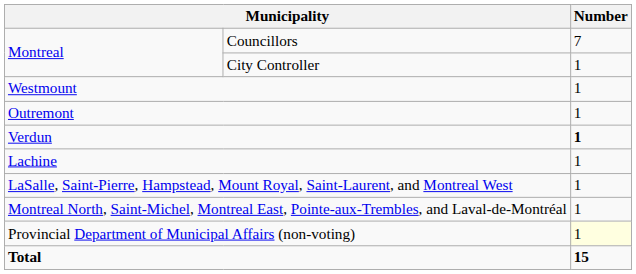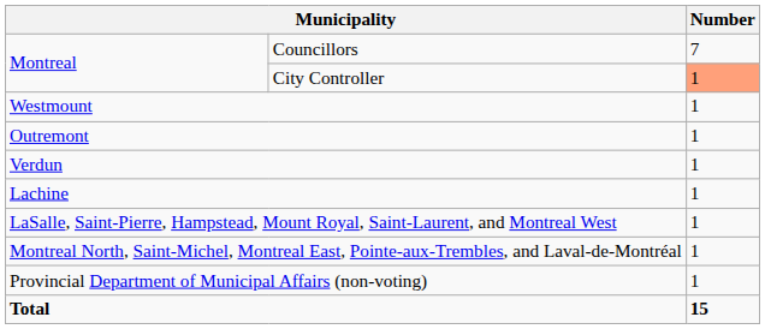 <table class="wikitable">
 <tr>
 <th colspan = "2">Municipality</th>
 <th>Number</th>
 </tr>
 <tr>
 <td rowspan = "2"><a href='#'>Montreal</a></td>
 <td>Councillors</td>
 <td>7</td>
 </tr>
 <tr>
 <td>City Controller</td>
-<td>1</td>
+<td style="background: lightsalmon;">1</td>
 </tr>
 <tr>
 <td colspan = "2"><a href='#'>Westmount</a></td>
 <td>1</td>
 </tr>
 <tr>
 <td colspan = "2"><a href='#'>Outremont</a></td>
 <td>1</td>
 </tr>
 <tr>
 <td colspan = "2"><a href='#'>Verdun</a></td>
-<td><strong>1</strong></td>
+<td>1</td>
 </tr>
 <tr>
 <td colspan = "2"><a href='#'>Lachine</a></td>
 <td>1</td>
 </tr>
 <tr>
 <td colspan = "2"><a href='#'>LaSalle</a>, <a href='#'>Saint-Pierre</a>, <a href='#'>Hampstead</a>, <a href='#'>Mount Royal</a>, <a href='#'>Saint-Laurent</a>, and <a href='#'>Montreal West</a></td>
 <td>1</td>
 </tr>
 <tr>
 <td colspan = "2"><a href='#'>Montreal North</a>, <a href='#'>Saint-Michel</a>, <a href='#'>Montreal East</a>, <a href='#'>Pointe-aux-Trembles</a>, and Laval-de-Montréal</td>
 <td>1</td>
 </tr>
 <tr>
 <td colspan = "2">Provincial <a href='#'>Department of Municipal Affairs</a> (non-voting)</td>
-<td style="background: lightyellow;">1</td>
+<td>1</td>
 </tr>
 <tr>
 <td colspan = "2"><strong>Total</strong></td>
 <td><strong>15</strong></td>
 </tr>
 </table>
